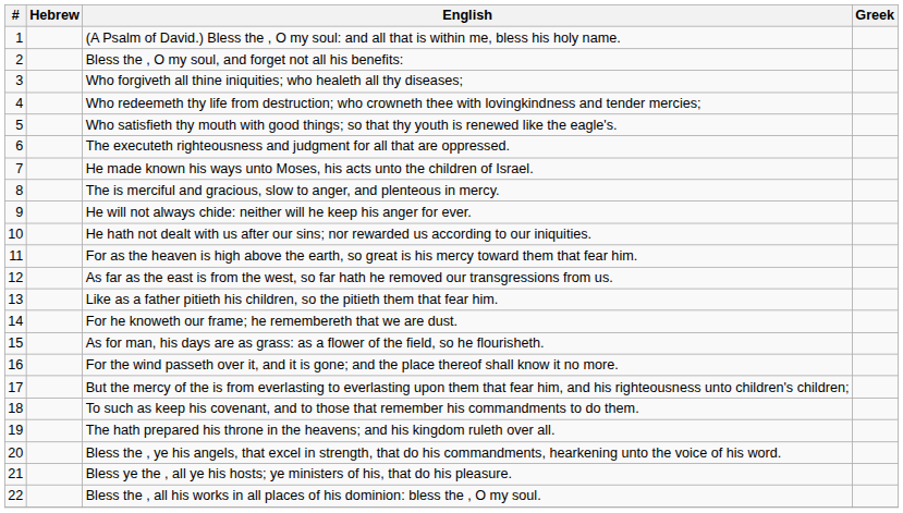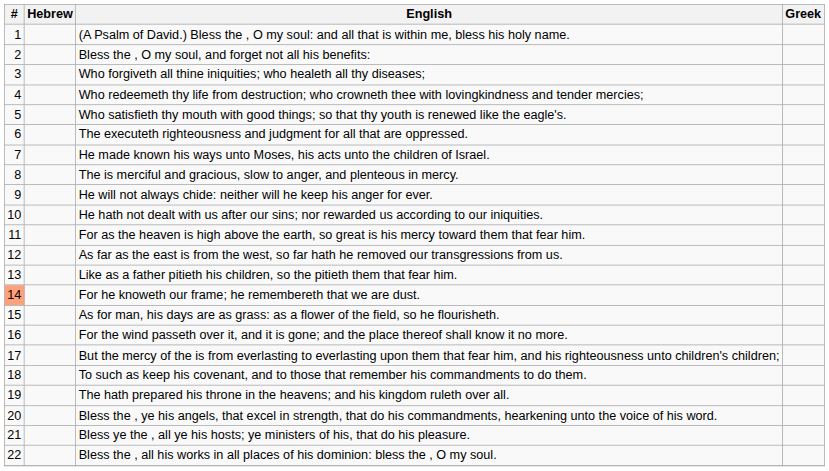 <table class=wikitable>
 <tr>
 <th>#</th>
 <th>Hebrew</th>
 <th>English</th>
 <th>Greek</th>
 </tr>
 <tr>
 <td style="text-align:right">1</td>
 <td style="text-align:right"></td>
 <td>(A Psalm of David.) Bless the , O my soul: and all that is within me, bless his holy name.</td>
 <td></td>
 </tr>
 <tr>
 <td style="text-align:right">2</td>
 <td style="text-align:right"></td>
 <td>Bless the , O my soul, and forget not all his benefits:</td>
 <td></td>
 </tr>
 <tr>
 <td style="text-align:right">3</td>
 <td style="text-align:right"></td>
 <td>Who forgiveth all thine iniquities; who healeth all thy diseases;</td>
 <td></td>
 </tr>
 <tr>
 <td style="text-align:right">4</td>
 <td style="text-align:right"></td>
 <td>Who redeemeth thy life from destruction; who crowneth thee with lovingkindness and tender mercies;</td>
 <td></td>
 </tr>
 <tr>
 <td style="text-align:right">5</td>
 <td style="text-align:right"></td>
 <td>Who satisfieth thy mouth with good things; so that thy youth is renewed like the eagle's.</td>
 <td></td>
 </tr>
 <tr>
 <td style="text-align:right">6</td>
 <td style="text-align:right"></td>
 <td>The  executeth righteousness and judgment for all that are oppressed.</td>
 <td></td>
 </tr>
 <tr>
 <td style="text-align:right">7</td>
 <td style="text-align:right"></td>
 <td>He made known his ways unto Moses, his acts unto the children of Israel.</td>
 <td></td>
 </tr>
 <tr>
 <td style="text-align:right">8</td>
 <td style="text-align:right"></td>
 <td>The  is merciful and gracious, slow to anger, and plenteous in mercy.</td>
 <td></td>
 </tr>
 <tr>
 <td style="text-align:right">9</td>
 <td style="text-align:right"></td>
 <td>He will not always chide: neither will he keep his anger for ever.</td>
 <td></td>
 </tr>
 <tr>
 <td style="text-align:right">10</td>
 <td style="text-align:right"></td>
 <td>He hath not dealt with us after our sins; nor rewarded us according to our iniquities.</td>
 <td></td>
 </tr>
 <tr>
 <td style="text-align:right">11</td>
 <td style="text-align:right"></td>
 <td>For as the heaven is high above the earth, so great is his mercy toward them that fear him.</td>
 <td></td>
 </tr>
 <tr>
 <td style="text-align:right">12</td>
 <td style="text-align:right"></td>
 <td>As far as the east is from the west, so far hath he removed our transgressions from us.</td>
 <td></td>
 </tr>
 <tr>
 <td style="text-align:right">13</td>
 <td style="text-align:right"></td>
 <td>Like as a father pitieth his children, so the  pitieth them that fear him.</td>
 <td></td>
 </tr>
 <tr>
-<td style="text-align:right">14</td>
+<td style="background: lightsalmon; text-align:right">14</td>
 <td style="text-align:right"></td>
 <td>For he knoweth our frame; he remembereth that we are dust.</td>
 <td></td>
 </tr>
 <tr>
 <td style="text-align:right">15</td>
 <td style="text-align:right"></td>
 <td>As for man, his days are as grass: as a flower of the field, so he flourisheth.</td>
 <td></td>
 </tr>
 <tr>
 <td style="text-align:right">16</td>
 <td style="text-align:right"></td>
 <td>For the wind passeth over it, and it is gone; and the place thereof shall know it no more.</td>
 <td></td>
 </tr>
 <tr>
 <td style="text-align:right">17</td>
 <td style="text-align:right"></td>
 <td>But the mercy of the  is from everlasting to everlasting upon them that fear him, and his righteousness unto children's children;</td>
 <td></td>
 </tr>
 <tr>
 <td style="text-align:right">18</td>
 <td style="text-align:right"></td>
 <td>To such as keep his covenant, and to those that remember his commandments to do them.</td>
 <td></td>
 </tr>
 <tr>
 <td style="text-align:right">19</td>
 <td style="text-align:right"></td>
 <td>The  hath prepared his throne in the heavens; and his kingdom ruleth over all.</td>
 <td></td>
 </tr>
 <tr>
 <td style="text-align:right">20</td>
 <td style="text-align:right"></td>
 <td>Bless the , ye his angels, that excel in strength, that do his commandments, hearkening unto the voice of his word.</td>
 <td></td>
 </tr>
 <tr>
 <td style="text-align:right">21</td>
 <td style="text-align:right"></td>
 <td>Bless ye the , all ye his hosts; ye ministers of his, that do his pleasure.</td>
 <td></td>
 </tr>
 <tr>
 <td style="text-align:right">22</td>
 <td style="text-align:right"></td>
 <td>Bless the , all his works in all places of his dominion: bless the , O my soul.</td>
 <td></td>
 </tr>
 <tr>
 </tr>
 </table>
